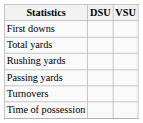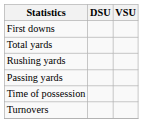 <table class="wikitable" style="float: left;">
 <tr>
 <th>Statistics</th>
 <th>DSU</th>
 <th>VSU</th>
 </tr>
 <tr>
 <td>First downs</td>
 <td></td>
 <td></td>
 </tr>
 <tr>
 <td>Total yards</td>
 <td></td>
 <td></td>
 </tr>
 <tr>
 <td>Rushing yards</td>
 <td></td>
 <td></td>
 </tr>
 <tr>
 <td>Passing yards</td>
 <td></td>
 <td></td>
 </tr>
 <tr>
-<td>Turnovers</td>
+<td>Time of possession</td>
 <td></td>
 <td></td>
 </tr>
 <tr>
-<td>Time of possession</td>
+<td>Turnovers</td>
 <td></td>
 <td></td>
 </tr>
 <tr>
 </tr>
 </table>
